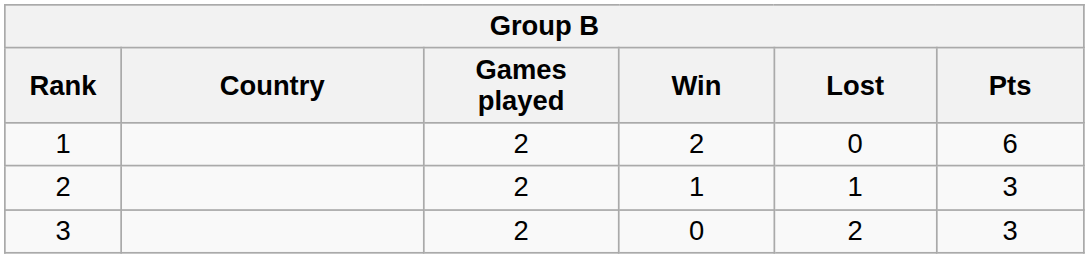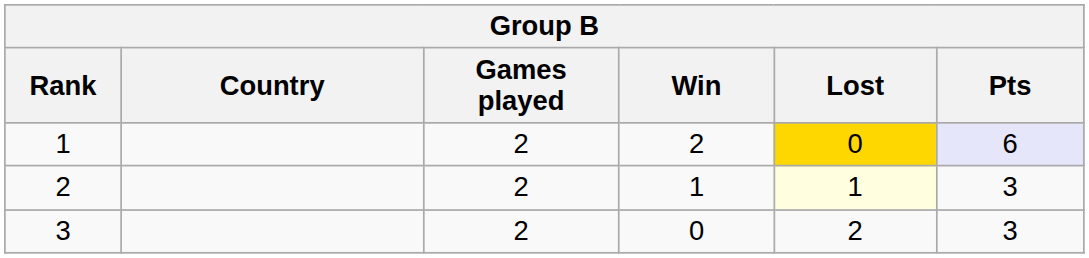 <table class="wikitable" style= "text-align: center; Width:50%">
 <tr>
 <th colspan= 6>Group B</th>
 </tr>
 <tr>
 <th width=2%>Rank</th>
 <th width=10%>Country</th>
 <th width=5%>Games <br> played</th>
 <th width=5%>Win</th>
 <th width=5%>Lost</th>
 <th width=5%>Pts</th>
 </tr>
 <tr>
 <td>1</td>
 <td style= "text-align: left"></td>
 <td>2</td>
 <td>2</td>
-<td>0</td>
-<td>6</td>
+<td style="background: gold;">0</td>
+<td style="background: lavender;">6</td>
 </tr>
 <tr>
 <td>2</td>
 <td style= "text-align: left"></td>
 <td>2</td>
 <td>1</td>
-<td>1</td>
+<td style="background: lightyellow;">1</td>
 <td>3</td>
 </tr>
 <tr>
 <td>3</td>
 <td style= "text-align: left"></td>
 <td>2</td>
 <td>0</td>
 <td>2</td>
 <td>3</td>
 </tr>
 </table>
